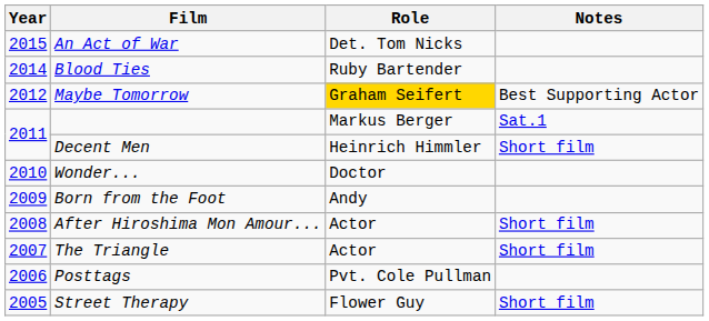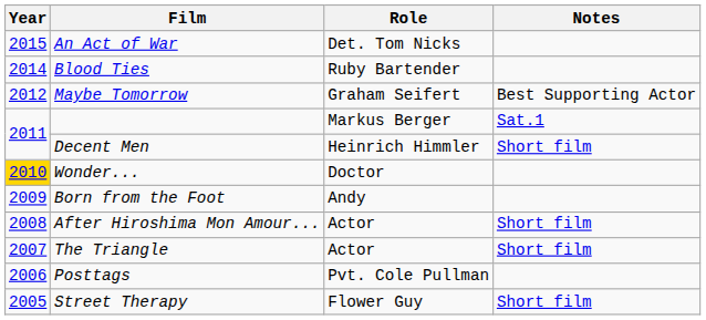 <table class="wikitable">
 <tr>
 <th>Year</th>
 <th>Film</th>
 <th>Role</th>
 <th>Notes</th>
 </tr>
 <tr>
 <td><a href='#'>2015</a></td>
 <td><em><a href='#'>An Act of War</a></em></td>
 <td>Det. Tom Nicks</td>
 <td></td>
 </tr>
 <tr>
 <td><a href='#'>2014</a></td>
 <td><em><a href='#'>Blood Ties</a></em></td>
 <td>Ruby Bartender</td>
 <td></td>
 </tr>
 <tr>
 <td><a href='#'>2012</a></td>
 <td><em><a href='#'>Maybe Tomorrow</a></em></td>
-<td style="background: gold;">Graham Seifert</td>
+<td>Graham Seifert</td>
 <td>Best Supporting Actor</td>
 </tr>
 <tr>
 <td rowspan="2"><a href='#'>2011</a></td>
 <td><em></em></td>
 <td>Markus Berger</td>
 <td><a href='#'>Sat.1</a></td>
 </tr>
 <tr>
 <td><em>Decent Men</em></td>
 <td>Heinrich Himmler</td>
 <td><a href='#'>Short film</a></td>
 </tr>
 <tr>
-<td><a href='#'>2010</a></td>
+<td style="background: gold;"><a href='#'>2010</a></td>
 <td><em>Wonder...</em></td>
 <td>Doctor</td>
 <td></td>
 </tr>
 <tr>
 <td><a href='#'>2009</a></td>
 <td><em>Born from the Foot</em></td>
 <td>Andy</td>
 <td></td>
 </tr>
 <tr>
 <td><a href='#'>2008</a></td>
 <td><em>After Hiroshima Mon Amour...</em></td>
 <td>Actor</td>
 <td><a href='#'>Short film</a></td>
 </tr>
 <tr>
 <td><a href='#'>2007</a></td>
 <td><em>The Triangle</em></td>
 <td>Actor</td>
 <td><a href='#'>Short film</a></td>
 </tr>
 <tr>
 <td><a href='#'>2006</a></td>
 <td><em>Posttags</em></td>
 <td>Pvt. Cole Pullman</td>
 <td></td>
 </tr>
 <tr>
 <td><a href='#'>2005</a></td>
 <td><em>Street Therapy</em></td>
 <td>Flower Guy</td>
 <td><a href='#'>Short film</a></td>
 </tr>
 </table>
